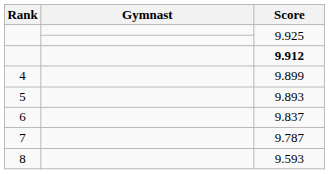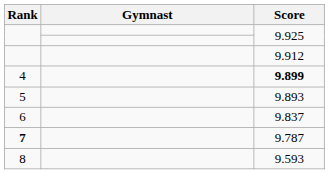 <table class="wikitable" style="text-align:center">
 <tr>
 <th>Rank</th>
 <th style="width:16em">Gymnast</th>
 <th style="width:5em">Score</th>
 </tr>
 <tr>
 <td rowspan=2></td>
 <td align=left></td>
 <td rowspan=2>9.925</td>
 </tr>
 <tr>
 <td align=left></td>
 </tr>
 <tr>
 <td></td>
 <td align=left></td>
-<td><strong>9.912</strong></td>
+<td>9.912</td>
 </tr>
 <tr>
 <td>4</td>
 <td align=left></td>
-<td>9.899</td>
+<td><strong>9.899</strong></td>
 </tr>
 <tr>
 <td>5</td>
 <td align=left></td>
 <td>9.893</td>
 </tr>
 <tr>
 <td>6</td>
 <td align=left></td>
 <td>9.837</td>
 </tr>
 <tr>
-<td>7</td>
+<td><strong>7</strong></td>
 <td align=left></td>
 <td>9.787</td>
 </tr>
 <tr>
 <td>8</td>
 <td align=left></td>
 <td>9.593</td>
 </tr>
 </table>
